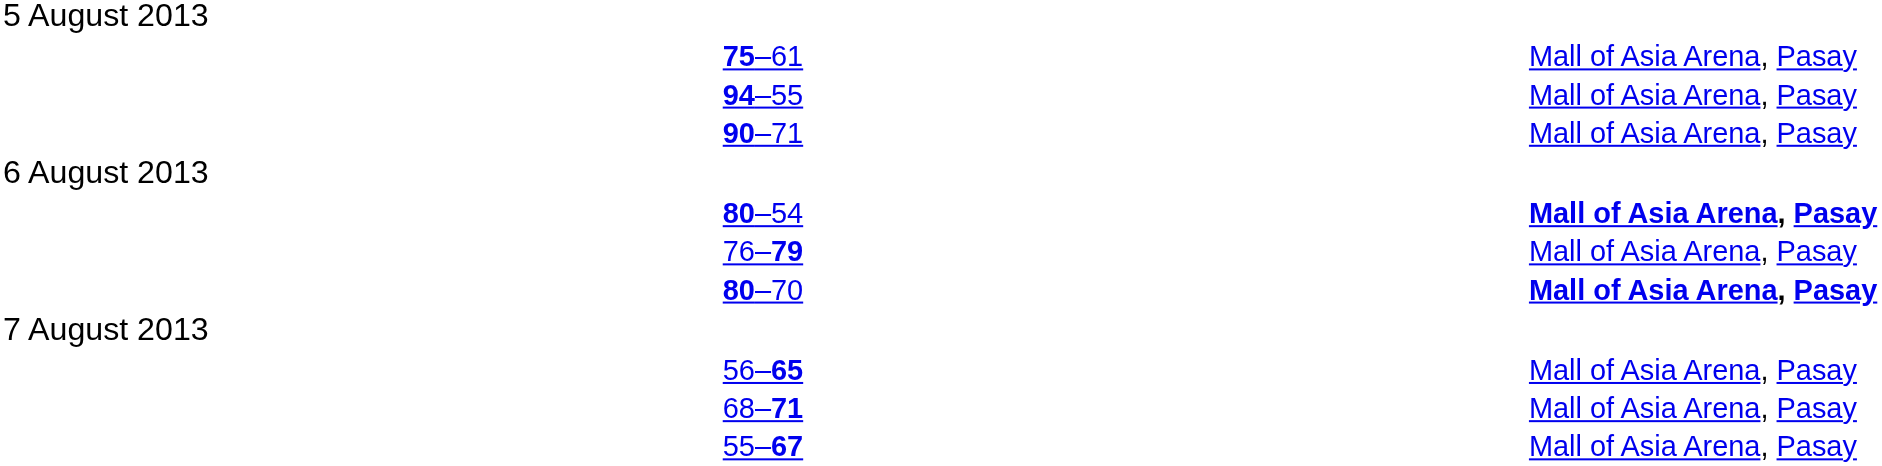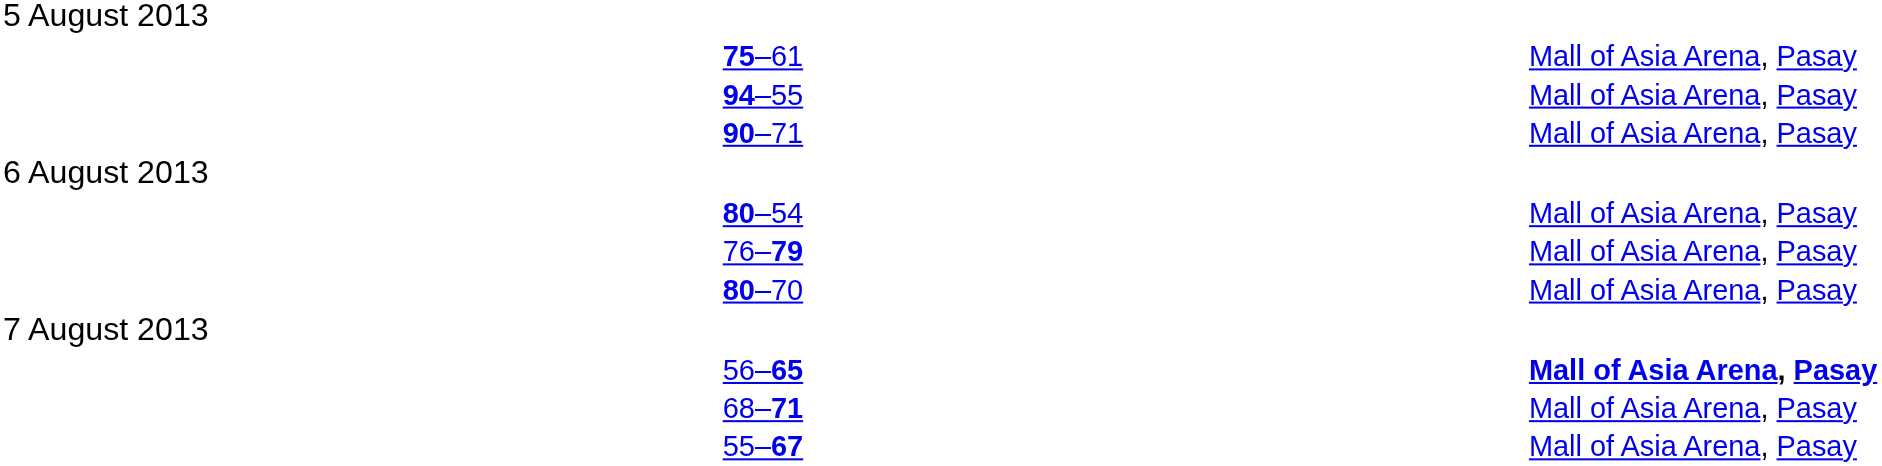 <table style="width:100%;" cellspacing="1">
 <tr>
 <th width=25%></th>
 <th width=2%></th>
 <th width=6%></th>
 <th width=2%></th>
 <th width=25%></th>
 </tr>
 <tr>
 <td>5 August 2013</td>
 </tr>
 <tr style=font-size:90%>
 <td align=right><strong></strong></td>
 <td></td>
 <td align=center><a href='#'><strong>75</strong>–61</a></td>
 <td></td>
 <td></td>
 <td><a href='#'>Mall of Asia Arena</a>, <a href='#'>Pasay</a></td>
 </tr>
 <tr style=font-size:90%>
 <td align=right><strong></strong></td>
 <td></td>
 <td align=center><a href='#'><strong>94</strong>–55</a></td>
 <td></td>
 <td></td>
 <td><a href='#'>Mall of Asia Arena</a>, <a href='#'>Pasay</a></td>
 </tr>
 <tr style=font-size:90%>
 <td align=right><strong></strong></td>
 <td></td>
 <td align="center"><a href='#'><strong>90</strong>–71</a></td>
 <td></td>
 <td></td>
 <td><a href='#'>Mall of Asia Arena</a>, <a href='#'>Pasay</a></td>
 </tr>
 <tr>
 <td>6 August 2013</td>
 </tr>
 <tr style=font-size:90%>
 <td align=right><strong></strong></td>
 <td></td>
 <td align="center"><a href='#'><strong>80</strong>–54</a></td>
 <td></td>
 <td></td>
-<td><strong><a href='#'>Mall of Asia Arena</a>, <a href='#'>Pasay</a></strong></td>
+<td><a href='#'>Mall of Asia Arena</a>, <a href='#'>Pasay</a></td>
 </tr>
 <tr style=font-size:90%>
 <td align=right></td>
 <td></td>
 <td align=center><a href='#'>76–<strong>79</strong></a></td>
 <td></td>
 <td><strong></strong></td>
 <td><a href='#'>Mall of Asia Arena</a>, <a href='#'>Pasay</a></td>
 </tr>
 <tr style=font-size:90%>
 <td align=right><strong></strong></td>
 <td></td>
 <td align=center><a href='#'><strong>80</strong>–70</a></td>
 <td></td>
 <td></td>
-<td><strong><a href='#'>Mall of Asia Arena</a>, <a href='#'>Pasay</a></strong></td>
+<td><a href='#'>Mall of Asia Arena</a>, <a href='#'>Pasay</a></td>
 </tr>
 <tr>
 <td>7 August 2013</td>
 </tr>
 <tr style=font-size:90%>
 <td align=right></td>
 <td></td>
 <td align=center><a href='#'>56–<strong>65</strong></a></td>
 <td></td>
 <td><strong></strong></td>
-<td><a href='#'>Mall of Asia Arena</a>, <a href='#'>Pasay</a></td>
+<td><strong><a href='#'>Mall of Asia Arena</a>, <a href='#'>Pasay</a></strong></td>
 </tr>
 <tr style=font-size:90%>
 <td align=right></td>
 <td></td>
 <td align=center><a href='#'>68–<strong>71</strong></a></td>
 <td></td>
 <td><strong></strong></td>
 <td><a href='#'>Mall of Asia Arena</a>, <a href='#'>Pasay</a></td>
 </tr>
 <tr style=font-size:90%>
 <td align=right></td>
 <td></td>
 <td align=center><a href='#'>55–<strong>67</strong></a></td>
 <td></td>
 <td><strong></strong></td>
 <td><a href='#'>Mall of Asia Arena</a>, <a href='#'>Pasay</a></td>
 </tr>
 </table>
